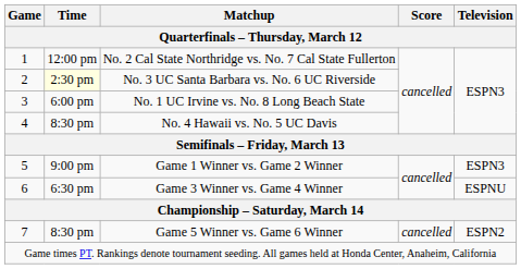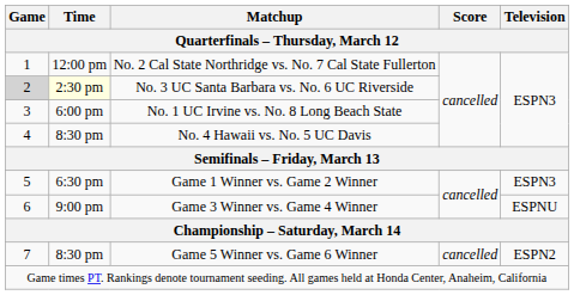 <table class="wikitable" style="font-size: 95%;text-align:center">
 <tr>
 <th>Game</th>
 <th>Time</th>
 <th>Matchup</th>
 <th>Score</th>
 <th>Television</th>
 </tr>
 <tr>
 <th colspan=5>Quarterfinals – Thursday, March 12</th>
 </tr>
 <tr>
 <td>1</td>
 <td>12:00 pm</td>
 <td>No. 2 Cal State Northridge vs. No. 7 Cal State Fullerton</td>
 <td rowspan="4"><em>cancelled</em></td>
 <td rowspan=4>ESPN3</td>
 </tr>
 <tr>
-<td>2</td>
+<td style="background: lightgrey;">2</td>
 <td style="background: lightyellow;">2:30 pm</td>
 <td>No. 3 UC Santa Barbara vs. No. 6 UC Riverside</td>
 </tr>
 <tr>
 <td>3</td>
 <td>6:00 pm</td>
 <td>No. 1 UC Irvine vs. No. 8 Long Beach State</td>
 </tr>
 <tr>
 <td>4</td>
 <td>8:30 pm</td>
 <td>No. 4 Hawaii vs. No. 5 UC Davis</td>
 </tr>
 <tr>
 <th colspan=5>Semifinals – Friday, March 13</th>
 </tr>
 <tr>
 <td>5</td>
-<td>9:00 pm</td>
+<td>6:30 pm</td>
 <td>Game 1 Winner vs. Game 2 Winner</td>
 <td rowspan="2"><em>cancelled</em></td>
 <td>ESPN3</td>
 </tr>
 <tr>
 <td>6</td>
-<td>6:30 pm</td>
+<td>9:00 pm</td>
 <td>Game 3 Winner vs. Game 4 Winner</td>
 <td>ESPNU</td>
 </tr>
 <tr>
 <th colspan=5>Championship – Saturday, March 14</th>
 </tr>
 <tr>
 <td>7</td>
 <td>8:30 pm</td>
 <td>Game 5 Winner vs. Game 6 Winner</td>
 <td><em>cancelled</em></td>
 <td>ESPN2</td>
 </tr>
 <tr>
 <td colspan=5><small>Game times <a href='#'>PT</a>. Rankings denote tournament seeding. All games held at Honda Center, Anaheim, California</small></td>
 </tr>
 </table>
